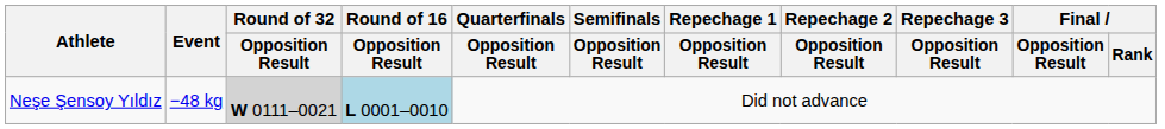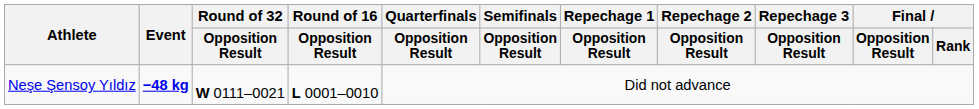 <table class="wikitable" style="font-size:90%">
 <tr>
 <th rowspan="2">Athlete</th>
 <th rowspan="2">Event</th>
 <th>Round of 32</th>
 <th>Round of 16</th>
 <th>Quarterfinals</th>
 <th>Semifinals</th>
 <th>Repechage 1</th>
 <th>Repechage 2</th>
 <th>Repechage 3</th>
 <th colspan=2>Final / </th>
 </tr>
 <tr style="font-size:95%">
 <th>Opposition<br>Result</th>
 <th>Opposition<br>Result</th>
 <th>Opposition<br>Result</th>
 <th>Opposition<br>Result</th>
 <th>Opposition<br>Result</th>
 <th>Opposition<br>Result</th>
 <th>Opposition<br>Result</th>
 <th>Opposition<br>Result</th>
 <th>Rank</th>
 </tr>
 <tr align=center>
 <td align=left><a href='#'>Neşe Şensoy Yıldız</a></td>
-<td align=left><a href='#'>−48 kg</a></td>
-<td style="background: lightgrey;"><br><strong>W</strong> 0111–0021</td>
-<td style="background: lightblue;"><br><strong>L</strong> 0001–0010</td>
+<td align=left><strong><a href='#'>−48 kg</a></strong></td>
+<td><br><strong>W</strong> 0111–0021</td>
+<td><br><strong>L</strong> 0001–0010</td>
 <td colspan=7>Did not advance</td>
 </tr>
 </table>
